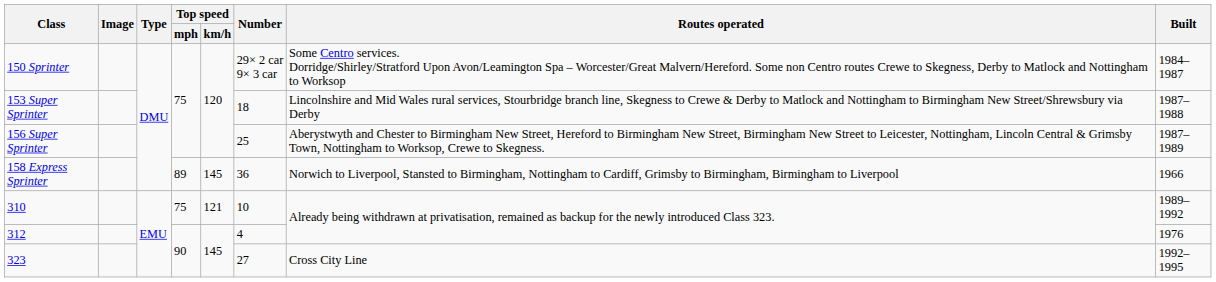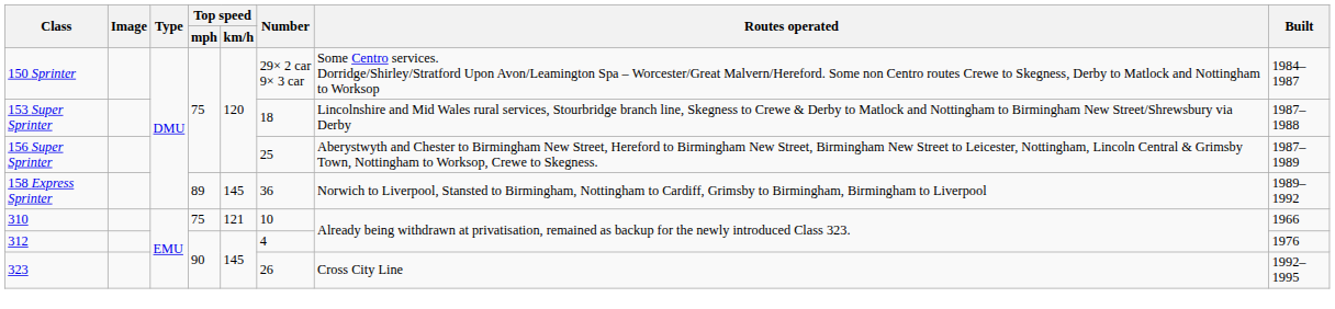 <table class="wikitable">
 <tr ---- bgcolor=#f9f9f9>
 <th rowspan="2">Class</th>
 <th rowspan="2">Image</th>
 <th rowspan="2">Type</th>
 <th colspan="2">Top speed</th>
 <th rowspan="2">Number</th>
 <th rowspan="2">Routes operated</th>
 <th rowspan="2">Built</th>
 </tr>
 <tr ---- bgcolor=#f9f9f9>
 <th>mph</th>
 <th>km/h</th>
 </tr>
 <tr>
 <td><a href='#'>150 <em>Sprinter</em></a></td>
 <td></td>
 <td rowspan="4"><a href='#'>DMU</a></td>
 <td rowspan="3">75</td>
 <td rowspan="3">120</td>
 <td>29× 2 car<br>9× 3 car</td>
 <td>Some <a href='#'>Centro</a> services.<br>Dorridge/Shirley/Stratford Upon Avon/Leamington Spa – Worcester/Great Malvern/Hereford. Some non Centro routes Crewe to Skegness, Derby to Matlock and Nottingham to Worksop</td>
 <td>1984–1987</td>
 </tr>
 <tr>
 <td><a href='#'>153 <em>Super Sprinter</em></a></td>
 <td></td>
 <td>18</td>
 <td>Lincolnshire and Mid Wales rural services, Stourbridge branch line, Skegness to Crewe & Derby to Matlock and Nottingham to Birmingham New Street/Shrewsbury via Derby</td>
 <td>1987–1988</td>
 </tr>
 <tr>
 <td><a href='#'>156 <em>Super Sprinter</em></a></td>
 <td></td>
 <td>25</td>
 <td>Aberystwyth and Chester to Birmingham New Street, Hereford to Birmingham New Street, Birmingham New Street to Leicester, Nottingham, Lincoln Central & Grimsby Town, Nottingham to Worksop, Crewe to Skegness.</td>
 <td>1987–1989</td>
 </tr>
 <tr>
 <td><a href='#'>158 <em>Express Sprinter</em></a></td>
 <td></td>
 <td>89</td>
 <td>145</td>
 <td>36</td>
 <td>Norwich to Liverpool, Stansted to Birmingham, Nottingham to Cardiff, Grimsby to Birmingham, Birmingham to Liverpool</td>
-<td>1966</td>
+<td>1989–1992</td>
 </tr>
 <tr>
 <td><a href='#'>310</a></td>
 <td></td>
 <td rowspan="3"><a href='#'>EMU</a></td>
 <td>75</td>
 <td>121</td>
 <td>10</td>
 <td rowspan="2">Already being withdrawn at privatisation, remained as backup for the newly introduced Class 323.</td>
-<td>1989–1992</td>
+<td>1966</td>
 </tr>
 <tr>
 <td><a href='#'>312</a></td>
 <td></td>
 <td rowspan="2">90</td>
 <td rowspan="2">145</td>
 <td>4</td>
 <td>1976</td>
 </tr>
 <tr>
 <td><a href='#'>323</a></td>
 <td></td>
-<td>27</td>
+<td>26</td>
 <td>Cross City Line</td>
 <td>1992–1995</td>
 </tr>
 </table>
